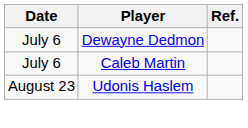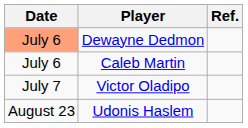 <table class="wikitable sortable sortable" style="text-align: center">
 <tr>
 <th>Date</th>
 <th>Player</th>
 <th>Ref.</th>
 </tr>
 <tr>
-<td>July 6</td>
+<td style="background: lightsalmon;">July 6</td>
 <td><a href='#'>Dewayne Dedmon</a></td>
 <td></td>
 </tr>
 <tr>
 <td>July 6</td>
 <td><a href='#'>Caleb Martin</a></td>
 <td></td>
 </tr>
 <tr>
+<td>July 7</td>
+<td><a href='#'>Victor Oladipo</a></td>
+<td></td>
+</tr>
+<tr>
 <td>August 23</td>
 <td><a href='#'>Udonis Haslem</a></td>
 <td></td>
 </tr>
 </table>
